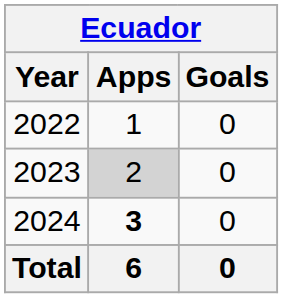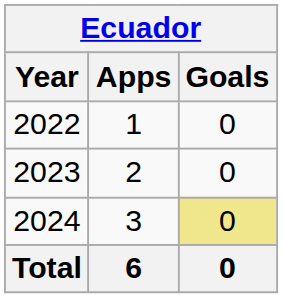 <table class="wikitable" style="text-align:center">
 <tr>
 <th colspan=4><a href='#'>Ecuador</a></th>
 </tr>
 <tr>
 <th>Year</th>
 <th>Apps</th>
 <th>Goals</th>
 </tr>
 <tr>
 <td>2022</td>
 <td>1</td>
 <td>0</td>
 </tr>
 <tr>
 <td>2023</td>
-<td style="background: lightgrey;">2</td>
+<td>2</td>
 <td>0</td>
 </tr>
 <tr>
 <td>2024</td>
-<td><strong>3</strong></td>
-<td>0</td>
+<td>3</td>
+<td style="background: khaki;">0</td>
 </tr>
 <tr>
 <th>Total</th>
 <th>6</th>
 <th>0</th>
 </tr>
 </table>
